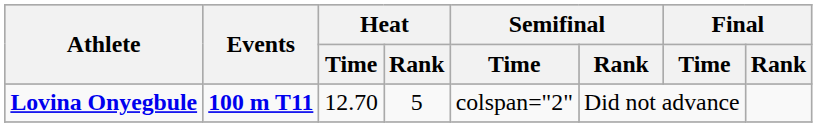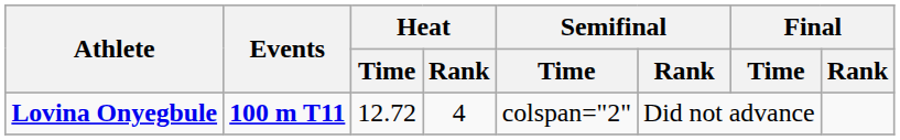 <table class=wikitable style="font-size:90%">
 <tr>
 <th rowspan="2">Athlete</th>
 <th rowspan="2">Events</th>
 <th colspan="2">Heat</th>
 <th colspan="2">Semifinal</th>
 <th colspan="2">Final</th>
 </tr>
 <tr>
 <th>Time</th>
 <th>Rank</th>
 <th>Time</th>
 <th>Rank</th>
 <th>Time</th>
 <th>Rank</th>
 </tr>
 <tr align=center>
 <td align=left rowspan="3"><strong><a href='#'>Lovina Onyegbule</a></strong></td>
 <td align=left><strong><a href='#'>100 m T11</a></strong></td>
-<td>12.70</td>
-<td>5</td>
+<td>12.72</td>
+<td>4</td>
 <td>colspan="2" </td>
 <td colspan="2">Did not advance</td>
 </tr>
 </table>
